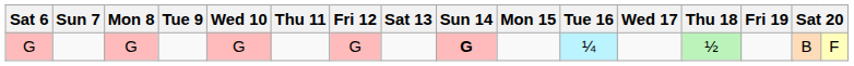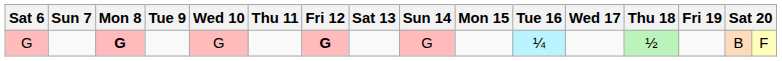 <table class="wikitable" style="margin:0.5em auto; font-size:90%; line-height:1.25em; text-align:center;">
 <tr>
 <th>Sat 6</th>
 <th>Sun 7</th>
 <th>Mon 8</th>
 <th>Tue 9</th>
 <th>Wed 10</th>
 <th>Thu 11</th>
 <th>Fri 12</th>
 <th>Sat 13</th>
 <th>Sun 14</th>
 <th>Mon 15</th>
 <th>Tue 16</th>
 <th>Wed 17</th>
 <th>Thu 18</th>
 <th colspan="2">Fri 19</th>
 <th colspan="2">Sat 20</th>
 </tr>
 <tr>
 <td bgcolor="#FFBBBB">G</td>
 <td></td>
-<td bgcolor="#FFBBBB">G</td>
-<td></td>
-<td bgcolor="#FFBBBB">G</td>
+<td bgcolor="#FFBBBB"><strong>G</strong></td>
 <td></td>
 <td bgcolor="#FFBBBB">G</td>
 <td></td>
 <td bgcolor="#FFBBBB"><strong>G</strong></td>
+<td></td>
+<td bgcolor="#FFBBBB">G</td>
 <td></td>
 <td bgcolor="#BBF3FF">¼</td>
 <td></td>
 <td bgcolor="#BBF3BB">½</td>
 <td colspan="2"></td>
 <td bgcolor="#FEDCBA">B</td>
 <td bgcolor="#FFFFBB">F</td>
 </tr>
 </table>
